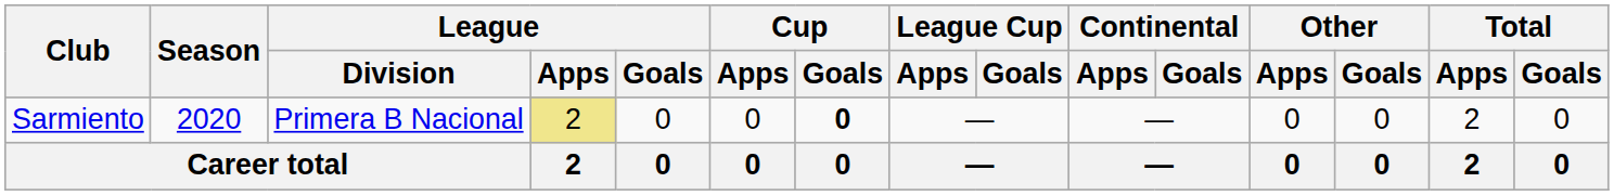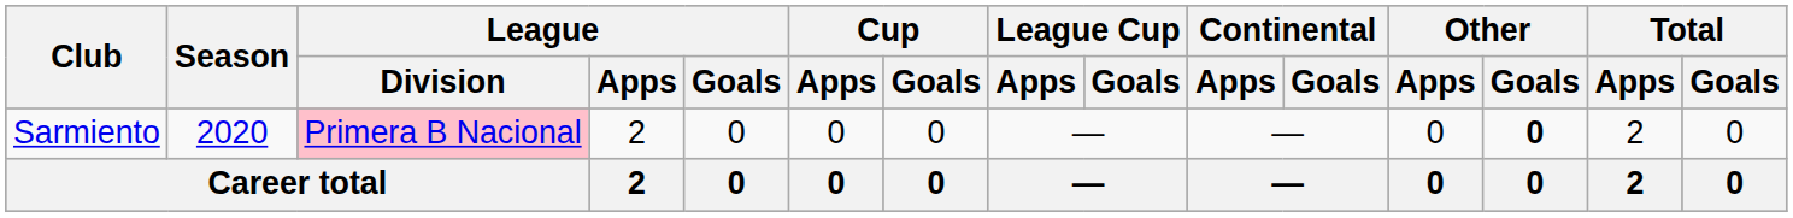 <table class="wikitable" style="text-align:center">
 <tr>
 <th rowspan="2">Club</th>
 <th rowspan="2">Season</th>
 <th colspan="3">League</th>
 <th colspan="2">Cup</th>
 <th colspan="2">League Cup</th>
 <th colspan="2">Continental</th>
 <th colspan="2">Other</th>
 <th colspan="2">Total</th>
 </tr>
 <tr>
 <th>Division</th>
 <th>Apps</th>
 <th>Goals</th>
 <th>Apps</th>
 <th>Goals</th>
 <th>Apps</th>
 <th>Goals</th>
 <th>Apps</th>
 <th>Goals</th>
 <th>Apps</th>
 <th>Goals</th>
 <th>Apps</th>
 <th>Goals</th>
 </tr>
 <tr>
 <td rowspan="1"><a href='#'>Sarmiento</a></td>
 <td><a href='#'>2020</a></td>
-<td rowspan="1"><a href='#'>Primera B Nacional</a></td>
-<td style="background: khaki;">2</td>
+<td rowspan="1" style="background: pink;"><a href='#'>Primera B Nacional</a></td>
+<td>2</td>
 <td>0</td>
 <td>0</td>
-<td><strong>0</strong></td>
+<td>0</td>
 <td colspan="2">—</td>
 <td colspan="2">—</td>
 <td>0</td>
-<td>0</td>
+<td><strong>0</strong></td>
 <td>2</td>
 <td>0</td>
 </tr>
 <tr>
 <th colspan="3">Career total</th>
 <th>2</th>
 <th>0</th>
 <th>0</th>
 <th>0</th>
 <th colspan="2">—</th>
 <th colspan="2">—</th>
 <th>0</th>
 <th>0</th>
 <th>2</th>
 <th>0</th>
 </tr>
 </table>
